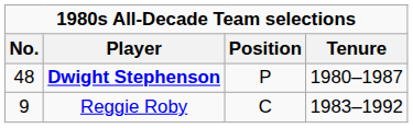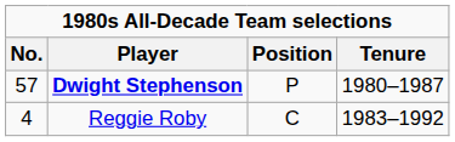 <table class="wikitable" style="text-align:center">
 <tr>
 <td colspan="4"><strong>1980s All-Decade Team selections</strong></td>
 </tr>
 <tr>
 <th>No.</th>
 <th>Player</th>
 <th>Position</th>
 <th>Tenure</th>
 </tr>
 <tr>
-<td>48</td>
+<td>57</td>
 <td><strong><a href='#'>Dwight Stephenson</a></strong></td>
 <td>P</td>
 <td>1980–1987</td>
 </tr>
 <tr>
-<td>9</td>
+<td>4</td>
 <td><a href='#'>Reggie Roby</a></td>
 <td>C</td>
 <td>1983–1992</td>
 </tr>
 </table>
